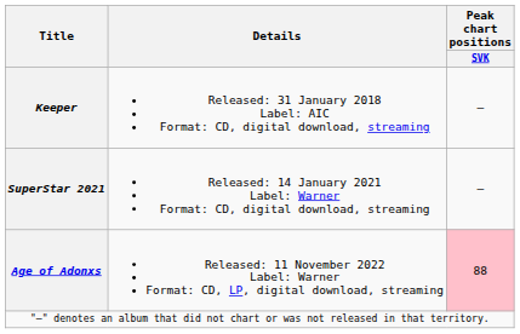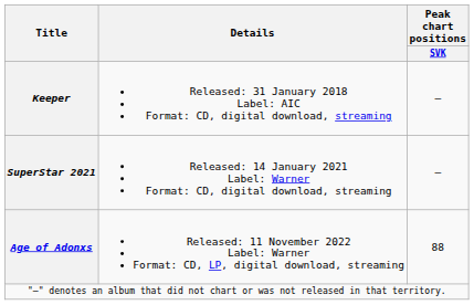 <table class="wikitable plainrowheaders" style="text-align:center;">
 <tr>
 <th scope="col" rowspan="2">Title</th>
 <th scope="col" rowspan="2">Details</th>
 <th scope="col" colspan="1">Peak chart positions</th>
 </tr>
 <tr>
 <th scope="col" style="width:3em;font-size:85%;"><a href='#'>SVK</a><br></th>
 </tr>
 <tr>
 <th scope="row"><em>Keeper</em></th>
 <td><br><ul><li>Released: 31 January 2018</li><li>Label: AIC</li><li>Format: CD, digital download, <a href='#'>streaming</a></li></ul></td>
 <td>—</td>
 </tr>
 <tr>
 <th scope="row"><em>SuperStar 2021</em></th>
 <td><br><ul><li>Released: 14 January 2021</li><li>Label: <a href='#'>Warner</a></li><li>Format: CD, digital download, streaming</li></ul></td>
 <td>—</td>
 </tr>
 <tr>
 <th scope="row"><em><a href='#'>Age of Adonxs</a></em></th>
 <td><br><ul><li>Released: 11 November 2022</li><li>Label: Warner</li><li>Format: CD, <a href='#'>LP</a>, digital download, streaming</li></ul></td>
-<td style="background: pink;">88</td>
+<td>88</td>
 </tr>
 <tr>
 <td colspan="8" style="font-size:85%">"—" denotes an album that did not chart or was not released in that territory.</td>
 </tr>
 </table>
